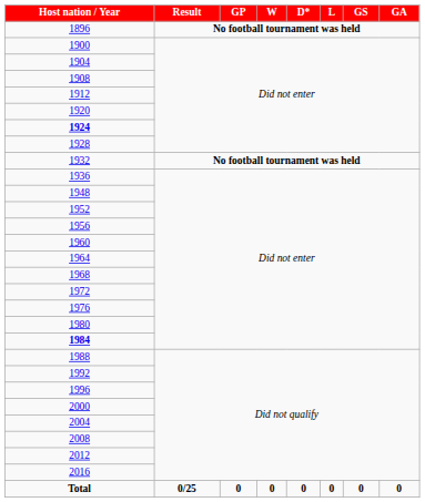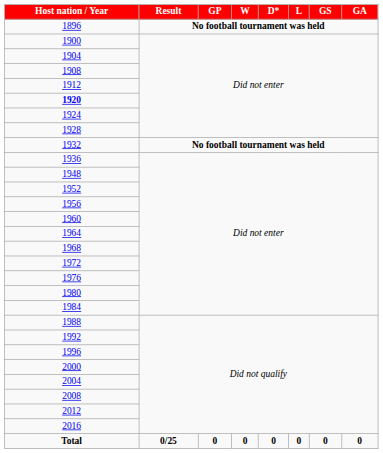 <table align=border width=40% border=1 cellpadding="2" cellspacing="0" style="background: #f9f9f9; border: 1px #aaa solid; border-collapse: collapse; font-size: 80%; text-align: center;">
 <tr align=center bgcolor=red style="color:white">
 <th>Host nation / Year</th>
 <th>Result</th>
 <th>GP</th>
 <th>W</th>
 <th>D*</th>
 <th>L</th>
 <th>GS</th>
 <th>GA</th>
 </tr>
 <tr>
 <td> <a href='#'>1896</a></td>
 <td colspan="7"><strong>No football tournament was held</strong></td>
 </tr>
 <tr>
 <td> <a href='#'>1900</a></td>
 <td colspan="7" rowspan="7"><em>Did not enter</em></td>
 </tr>
 <tr>
 <td> <a href='#'>1904</a></td>
 </tr>
 <tr>
 <td> <a href='#'>1908</a></td>
 </tr>
 <tr>
 <td> <a href='#'>1912</a></td>
 </tr>
 <tr>
-<td> <a href='#'>1920</a></td>
+<td><strong> <a href='#'>1920</a></strong></td>
 </tr>
 <tr>
-<td><strong> <a href='#'>1924</a></strong></td>
+<td> <a href='#'>1924</a></td>
 </tr>
 <tr>
 <td> <a href='#'>1928</a></td>
 </tr>
 <tr>
 <td> <a href='#'>1932</a></td>
 <td colspan="7"><strong>No football tournament was held</strong></td>
 </tr>
 <tr>
 <td> <a href='#'>1936</a></td>
 <td colspan="7" rowspan="11"><em>Did not enter</em></td>
 </tr>
 <tr>
 <td> <a href='#'>1948</a></td>
 </tr>
 <tr>
 <td> <a href='#'>1952</a></td>
 </tr>
 <tr>
 <td> <a href='#'>1956</a></td>
 </tr>
 <tr>
 <td> <a href='#'>1960</a></td>
 </tr>
 <tr>
 <td> <a href='#'>1964</a></td>
 </tr>
 <tr>
 <td> <a href='#'>1968</a></td>
 </tr>
 <tr>
 <td> <a href='#'>1972</a></td>
 </tr>
 <tr>
 <td> <a href='#'>1976</a></td>
 </tr>
 <tr>
 <td> <a href='#'>1980</a></td>
 </tr>
 <tr>
-<td><strong> <a href='#'>1984</a></strong></td>
+<td> <a href='#'>1984</a></td>
 </tr>
 <tr>
 <td> <a href='#'>1988</a></td>
 <td colspan="8" rowspan="8"><em>Did not qualify</em></td>
 </tr>
 <tr>
 <td> <a href='#'>1992</a></td>
 </tr>
 <tr>
 <td> <a href='#'>1996</a></td>
 </tr>
 <tr>
 <td> <a href='#'>2000</a></td>
 </tr>
 <tr>
 <td> <a href='#'>2004</a></td>
 </tr>
 <tr>
 <td> <a href='#'>2008</a></td>
 </tr>
 <tr>
 <td> <a href='#'>2012</a></td>
 </tr>
 <tr>
 <td> <a href='#'>2016</a></td>
 </tr>
 <tr>
 <th><strong>Total</strong> <em></th>
 <th>0/25</th>
 <th>0</th>
 <th>0</th>
 <th>0</th>
 <th>0</th>
 <th>0</th>
 <th>0</th>
 </tr>
 </table>
